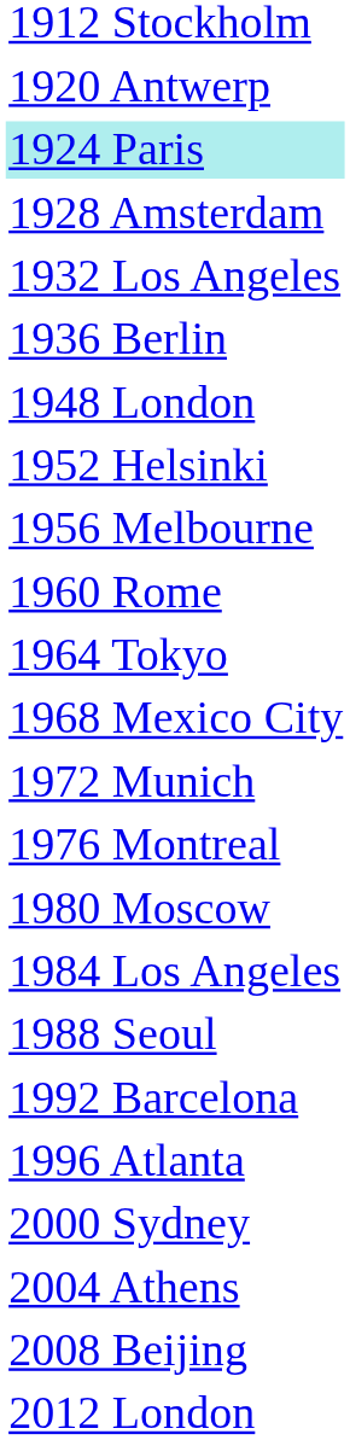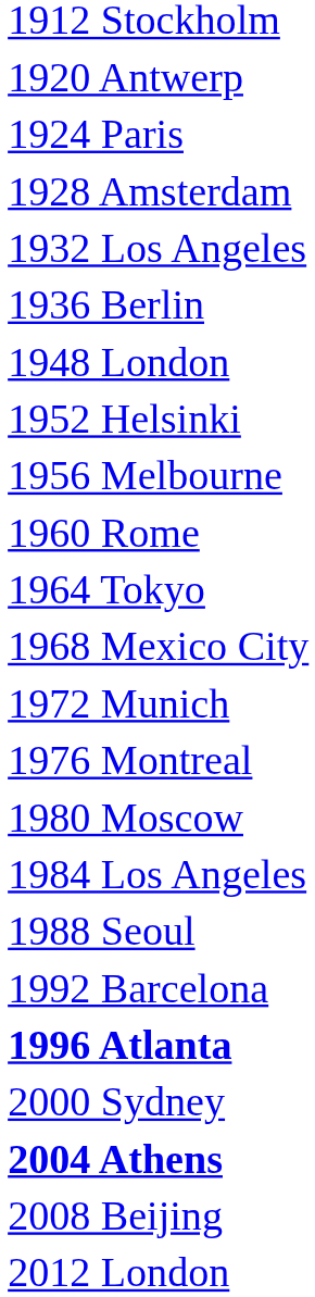 <table>
 <tr>
 <td><a href='#'>1912 Stockholm</a><br></td>
 <td></td>
 <td></td>
 <td></td>
 </tr>
 <tr>
 <td><a href='#'>1920 Antwerp</a><br></td>
 <td></td>
 <td></td>
 <td></td>
 </tr>
 <tr>
-<td style="background: paleturquoise;"><a href='#'>1924 Paris</a><br></td>
+<td><a href='#'>1924 Paris</a><br></td>
 <td></td>
 <td></td>
 <td></td>
 </tr>
 <tr>
 <td><a href='#'>1928 Amsterdam</a><br></td>
 <td></td>
 <td></td>
 <td></td>
 </tr>
 <tr>
 <td><a href='#'>1932 Los Angeles</a><br></td>
 <td></td>
 <td></td>
 <td></td>
 </tr>
 <tr>
 <td><a href='#'>1936 Berlin</a><br></td>
 <td></td>
 <td></td>
 <td></td>
 </tr>
 <tr>
 <td><a href='#'>1948 London</a><br></td>
 <td></td>
 <td></td>
 <td></td>
 </tr>
 <tr>
 <td><a href='#'>1952 Helsinki</a><br></td>
 <td></td>
 <td></td>
 <td></td>
 </tr>
 <tr>
 <td><a href='#'>1956 Melbourne</a><br></td>
 <td></td>
 <td></td>
 <td></td>
 </tr>
 <tr>
 <td><a href='#'>1960 Rome</a><br></td>
 <td></td>
 <td></td>
 <td></td>
 </tr>
 <tr>
 <td><a href='#'>1964 Tokyo</a><br></td>
 <td></td>
 <td></td>
 <td></td>
 </tr>
 <tr>
 <td><a href='#'>1968 Mexico City</a><br></td>
 <td></td>
 <td></td>
 <td></td>
 </tr>
 <tr>
 <td><a href='#'>1972 Munich</a><br></td>
 <td></td>
 <td></td>
 <td></td>
 </tr>
 <tr>
 <td><a href='#'>1976 Montreal</a><br></td>
 <td></td>
 <td></td>
 <td></td>
 </tr>
 <tr>
 <td><a href='#'>1980 Moscow</a><br></td>
 <td></td>
 <td></td>
 <td></td>
 </tr>
 <tr>
 <td><a href='#'>1984 Los Angeles</a><br></td>
 <td></td>
 <td></td>
 <td></td>
 </tr>
 <tr>
 <td><a href='#'>1988 Seoul</a><br></td>
 <td></td>
 <td></td>
 <td></td>
 </tr>
 <tr>
 <td><a href='#'>1992 Barcelona</a><br></td>
 <td></td>
 <td></td>
 <td></td>
 </tr>
 <tr>
-<td><a href='#'>1996 Atlanta</a><br></td>
+<td><strong><a href='#'>1996 Atlanta</a><br></strong></td>
 <td></td>
 <td></td>
 <td></td>
 </tr>
 <tr>
 <td><a href='#'>2000 Sydney</a><br></td>
 <td></td>
 <td></td>
 <td></td>
 </tr>
 <tr>
-<td><a href='#'>2004 Athens</a><br></td>
+<td><strong><a href='#'>2004 Athens</a><br></strong></td>
 <td></td>
 <td></td>
 <td></td>
 </tr>
 <tr>
 <td rowspan=2><a href='#'>2008 Beijing</a><br></td>
 <td rowspan=2></td>
 <td rowspan=2></td>
 <td></td>
 </tr>
 <tr>
 <td></td>
 </tr>
 <tr>
 <td rowspan=2><a href='#'>2012 London</a><br></td>
 <td rowspan=2></td>
 <td rowspan=2></td>
 <td></td>
 </tr>
 <tr>
 <td></td>
 </tr>
 </table>
